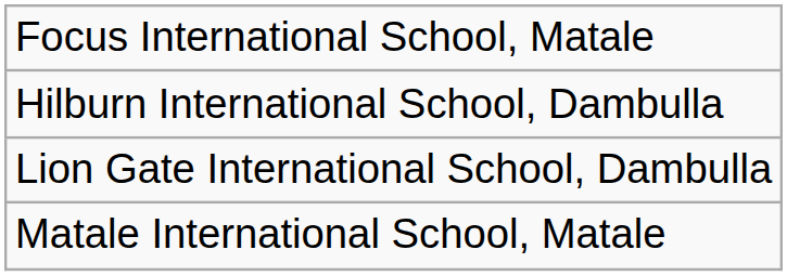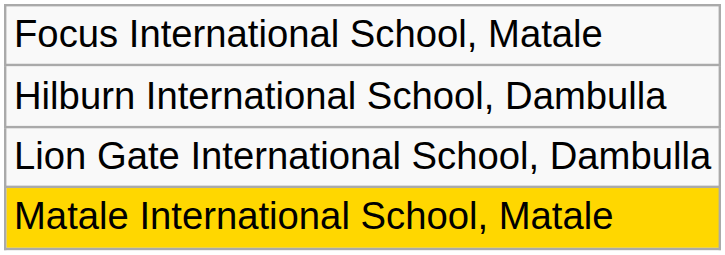 <table class="wikitable">
 <tr>
 <td>Focus International School, Matale</td>
 </tr>
 <tr>
 <td>Hilburn International School, Dambulla</td>
 </tr>
 <tr>
 <td>Lion Gate International School, Dambulla</td>
 </tr>
 <tr>
-<td>Matale International School, Matale</td>
+<td style="background: gold;">Matale International School, Matale</td>
 </tr>
 </table>
